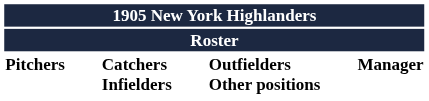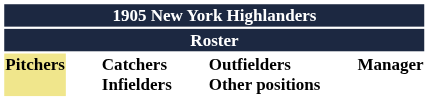 <table class="toccolours" style="font-size: 95%;">
 <tr>
 <th colspan="10" style="background:#1c2841; color:white; text-align:center;">1905 New York Highlanders</th>
 </tr>
 <tr>
 <td colspan="10" style="background:#1c2841; color:white; text-align:center;"><strong>Roster</strong></td>
 </tr>
 <tr>
-<td valign="top"><strong>Pitchers</strong><br>          </td>
+<td valign="top" style="background: khaki;"><strong>Pitchers</strong><br>          </td>
 <td style="width:25px;"></td>
 <td valign="top"><strong>Catchers</strong><br>     <strong>Infielders</strong>             </td>
 <td style="width:25px;"></td>
 <td valign="top"><strong>Outfielders</strong><br>     <strong>Other positions</strong> </td>
 <td style="width:25px;"></td>
 <td valign="top"><strong>Manager</strong><br></td>
 </tr>
 </table>
